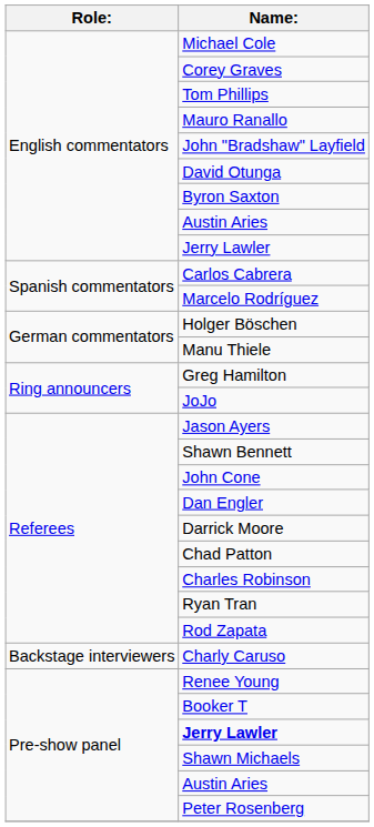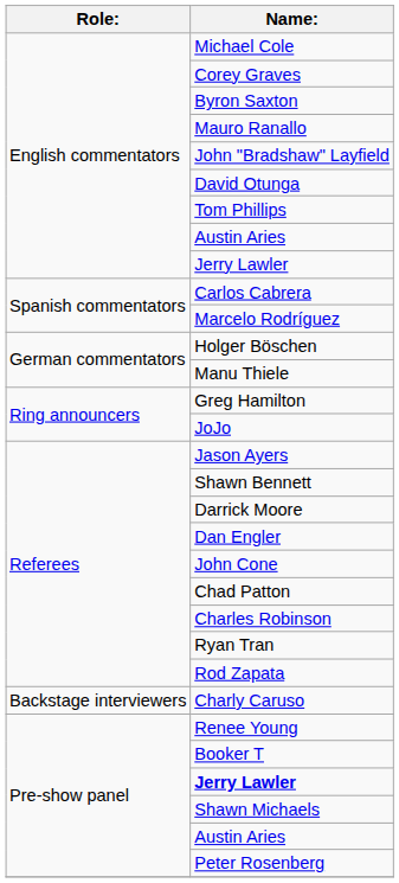 <table class=wikitable style="font-size:90%; margin: 0.5em 0 0.5em 1em; float: right; clear: right;">
 <tr>
 <th>Role:</th>
 <th>Name:</th>
 </tr>
 <tr>
 <td rowspan=9>English commentators</td>
 <td><a href='#'>Michael Cole</a><br></td>
 </tr>
 <tr>
 <td><a href='#'>Corey Graves</a><br></td>
 </tr>
 <tr>
-<td><a href='#'>Tom Phillips</a> </td>
+<td><a href='#'>Byron Saxton</a> </td>
 </tr>
 <tr>
 <td><a href='#'>Mauro Ranallo</a><br></td>
 </tr>
 <tr>
 <td><a href='#'>John "Bradshaw" Layfield</a> </td>
 </tr>
 <tr>
 <td><a href='#'>David Otunga</a> </td>
 </tr>
 <tr>
-<td><a href='#'>Byron Saxton</a> </td>
+<td><a href='#'>Tom Phillips</a> </td>
 </tr>
 <tr>
 <td><a href='#'>Austin Aries</a> </td>
 </tr>
 <tr>
 <td><a href='#'>Jerry Lawler</a> </td>
 </tr>
 <tr>
 <td rowspan=2>Spanish commentators</td>
 <td><a href='#'>Carlos Cabrera</a></td>
 </tr>
 <tr>
 <td><a href='#'>Marcelo Rodríguez</a></td>
 </tr>
 <tr>
 <td rowspan=2>German commentators</td>
 <td>Holger Böschen</td>
 </tr>
 <tr>
 <td>Manu Thiele</td>
 </tr>
 <tr>
 <td rowspan=2><a href='#'>Ring announcers</a></td>
 <td>Greg Hamilton </td>
 </tr>
 <tr>
 <td><a href='#'>JoJo</a> </td>
 </tr>
 <tr>
 <td rowspan=9><a href='#'>Referees</a></td>
 <td><a href='#'>Jason Ayers</a></td>
 </tr>
 <tr>
 <td>Shawn Bennett</td>
 </tr>
 <tr>
-<td><a href='#'>John Cone</a></td>
+<td>Darrick Moore</td>
 </tr>
 <tr>
 <td><a href='#'>Dan Engler</a></td>
 </tr>
 <tr>
-<td>Darrick Moore</td>
+<td><a href='#'>John Cone</a></td>
 </tr>
 <tr>
 <td>Chad Patton</td>
 </tr>
 <tr>
 <td><a href='#'>Charles Robinson</a></td>
 </tr>
 <tr>
 <td>Ryan Tran</td>
 </tr>
 <tr>
 <td><a href='#'>Rod Zapata</a></td>
 </tr>
 <tr>
 <td rowspan=1>Backstage interviewers</td>
 <td><a href='#'>Charly Caruso</a></td>
 </tr>
 <tr>
 <td rowspan=6>Pre-show panel</td>
 <td><a href='#'>Renee Young</a></td>
 </tr>
 <tr>
 <td><a href='#'>Booker T</a></td>
 </tr>
 <tr>
 <td><strong><a href='#'>Jerry Lawler</a></strong></td>
 </tr>
 <tr>
 <td><a href='#'>Shawn Michaels</a></td>
 </tr>
 <tr>
 <td><a href='#'>Austin Aries</a></td>
 </tr>
 <tr>
 <td><a href='#'>Peter Rosenberg</a></td>
 </tr>
 <tr>
 </tr>
 </table>
